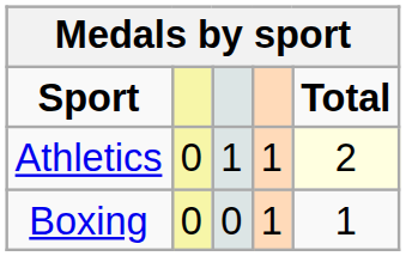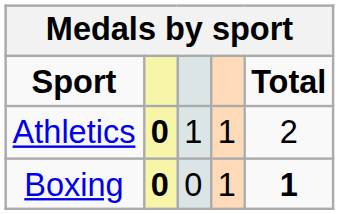 <table class="wikitable" style="font-size:85%; float:right;">
 <tr style="background:#efefef;">
 <th colspan=7><strong>Medals by sport</strong></th>
 </tr>
 <tr align=center>
 <td><strong>Sport</strong></td>
 <td style="background:#f7f6a8;"></td>
 <td style="background:#dce5e5;"></td>
 <td style="background:#ffdab9;"></td>
 <td><strong>Total</strong></td>
 </tr>
 <tr align=center>
 <td><a href='#'>Athletics</a></td>
-<td style="background:#f7f6a8;">0</td>
+<td style="background:#f7f6a8;"><strong>0</strong></td>
 <td style="background:#dce5e5;">1</td>
 <td style="background:#ffdab9;">1</td>
-<td style="background: lightyellow;">2</td>
+<td>2</td>
 </tr>
 <tr align=center>
 <td><a href='#'>Boxing</a></td>
-<td style="background:#f7f6a8;">0</td>
+<td style="background:#f7f6a8;"><strong>0</strong></td>
 <td style="background:#dce5e5;">0</td>
 <td style="background:#ffdab9;">1</td>
-<td>1</td>
+<td><strong>1</strong></td>
 </tr>
 </table>
